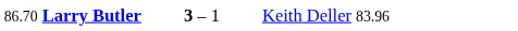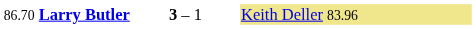 <table style="text-align:center">
 <tr>
 <th width=223></th>
 <th width=100></th>
 <th width=223></th>
 </tr>
 <tr>
 <td align=right><small>86.70</small> <strong><a href='#'>Larry Butler</a></strong> </td>
 <td><strong>3</strong> – 1</td>
-<td align=left> <a href='#'>Keith Deller</a> <small>83.96</small></td>
+<td align=left style="background: khaki;"> <a href='#'>Keith Deller</a> <small>83.96</small></td>
 </tr>
 </table>
